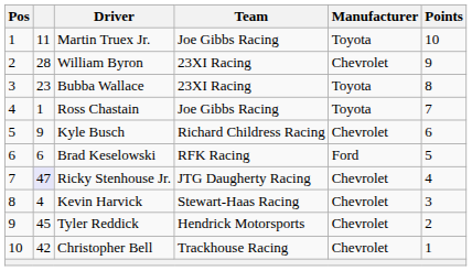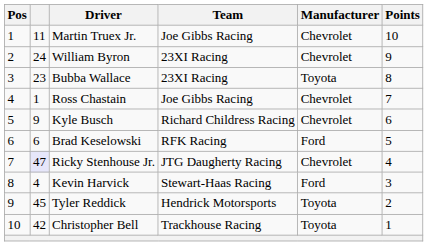 <table class="wikitable" style="font-size:98%">
 <tr>
 <th>Pos</th>
 <th></th>
 <th>Driver</th>
 <th>Team</th>
 <th>Manufacturer</th>
 <th>Points</th>
 </tr>
 <tr>
 <td>1</td>
 <td>11</td>
 <td>Martin Truex Jr.</td>
 <td>Joe Gibbs Racing</td>
-<td>Toyota</td>
+<td>Chevrolet</td>
 <td>10</td>
 </tr>
 <tr>
 <td>2</td>
-<td>28</td>
+<td>24</td>
 <td>William Byron</td>
 <td>23XI Racing</td>
 <td>Chevrolet</td>
 <td>9</td>
 </tr>
 <tr>
 <td>3</td>
 <td>23</td>
 <td>Bubba Wallace</td>
 <td>23XI Racing</td>
 <td>Toyota</td>
 <td>8</td>
 </tr>
 <tr>
 <td>4</td>
 <td>1</td>
 <td>Ross Chastain</td>
 <td>Joe Gibbs Racing</td>
-<td>Toyota</td>
+<td>Chevrolet</td>
 <td>7</td>
 </tr>
 <tr>
 <td>5</td>
 <td>9</td>
 <td>Kyle Busch</td>
 <td>Richard Childress Racing</td>
 <td>Chevrolet</td>
 <td>6</td>
 </tr>
 <tr>
 <td>6</td>
 <td>6</td>
 <td>Brad Keselowski</td>
 <td>RFK Racing</td>
 <td>Ford</td>
 <td>5</td>
 </tr>
 <tr>
 <td>7</td>
 <td style="background: lavender;">47</td>
 <td>Ricky Stenhouse Jr.</td>
 <td>JTG Daugherty Racing</td>
 <td>Chevrolet</td>
 <td>4</td>
 </tr>
 <tr>
 <td>8</td>
 <td>4</td>
 <td>Kevin Harvick</td>
 <td>Stewart-Haas Racing</td>
-<td>Chevrolet</td>
+<td>Ford</td>
 <td>3</td>
 </tr>
 <tr>
 <td>9</td>
 <td>45</td>
 <td>Tyler Reddick</td>
 <td>Hendrick Motorsports</td>
-<td>Chevrolet</td>
+<td>Toyota</td>
 <td>2</td>
 </tr>
 <tr>
 <td>10</td>
 <td>42</td>
 <td>Christopher Bell</td>
 <td>Trackhouse Racing</td>
-<td>Chevrolet</td>
+<td>Toyota</td>
 <td>1</td>
 </tr>
 <tr>
 <th colspan="6"></th>
 </tr>
 </table>
